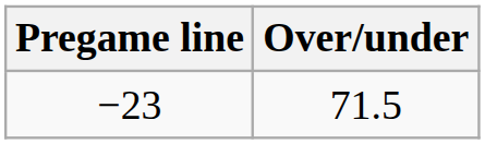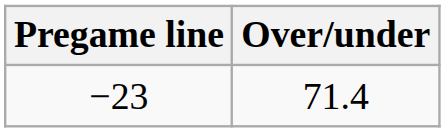 <table class="wikitable" style="margin-left: auto; margin-right: auto; border: none; display: inline-table;">
 <tr align="center">
 <th style=>Pregame line</th>
 <th style=>Over/under</th>
 </tr>
 <tr align="center">
 <td>−23</td>
-<td>71.5</td>
+<td>71.4</td>
 </tr>
 </table>
